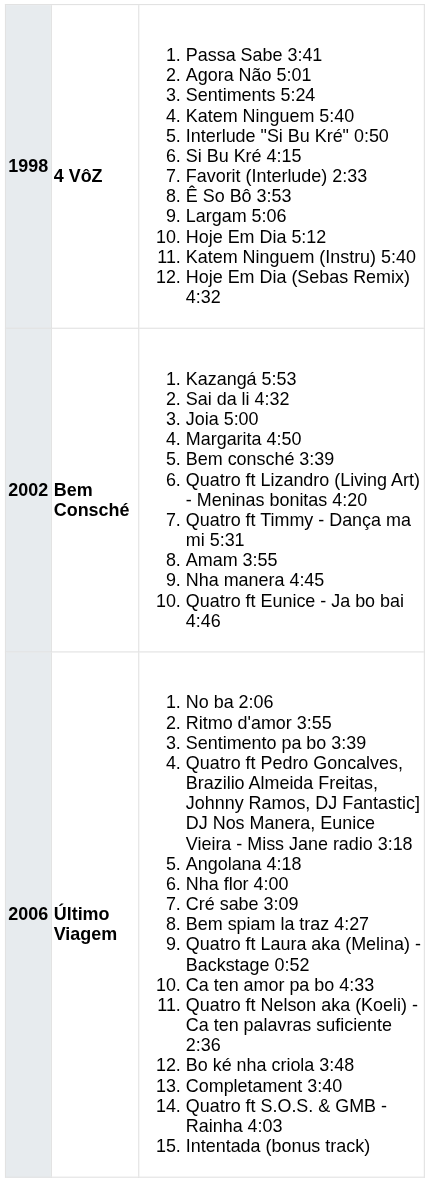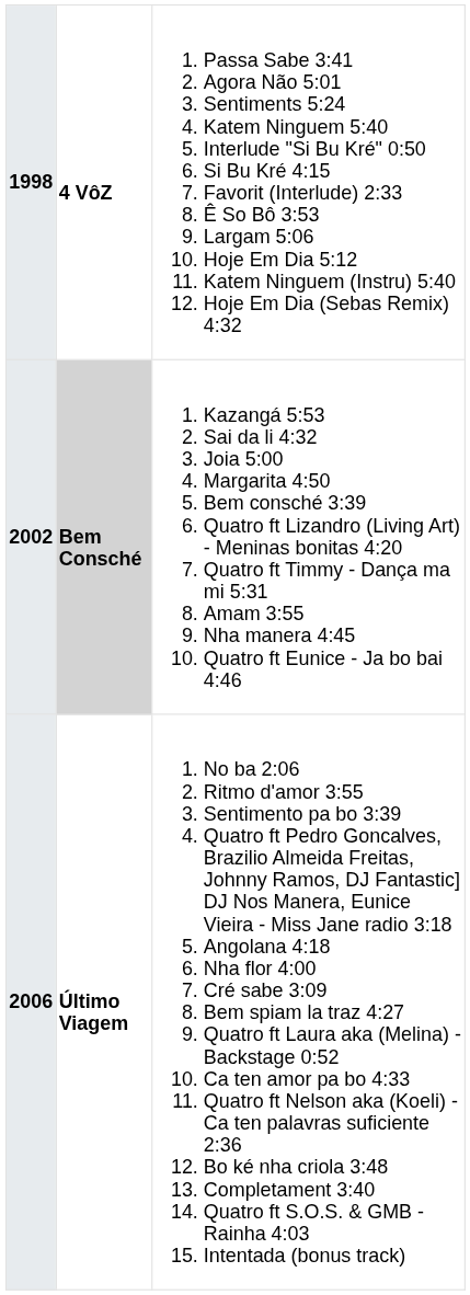 <table class="toccolours" border=1 cellpadding=2 cellspacing=0 style="float: lleft; width: 375px; margin: 0 0 1em 1em; border-collapse: collapse; border: 1px solid #E2E2E2;">
 <tr>
 <th bgcolor=#E7EBEE>1998</th>
 <td><br><strong>4 VôZ</strong></td>
 <td><br><ol><li>Passa Sabe 3:41</li><li>Agora Não 5:01</li><li>Sentiments 5:24</li><li>Katem Ninguem 5:40</li><li>Interlude "Si Bu Kré" 0:50</li><li>Si Bu Kré 4:15</li><li>Favorit (Interlude) 2:33</li><li>Ê So Bô 3:53</li><li>Largam 5:06</li><li>Hoje Em Dia 5:12</li><li>Katem Ninguem (Instru) 5:40</li><li>Hoje Em Dia (Sebas Remix) 4:32</li></ol></td>
 </tr>
 <tr>
 <th bgcolor=E7EBEE>2002</th>
-<td><br><strong>Bem Consché</strong></td>
+<td style="background: lightgrey;"><br><strong>Bem Consché</strong></td>
 <td><br><ol><li>Kazangá 5:53</li><li>Sai da li 4:32</li><li>Joia 5:00</li><li>Margarita 4:50</li><li>Bem consché 3:39</li><li>Quatro ft Lizandro (Living Art) - Meninas bonitas 4:20</li><li>Quatro ft Timmy - Dança ma mi 5:31</li><li>Amam 3:55</li><li>Nha manera 4:45</li><li>Quatro ft Eunice - Ja bo bai 4:46</li></ol></td>
 </tr>
 <tr>
 <th bgcolor=E7EBEE>2006</th>
 <td><br><strong>Último Viagem</strong></td>
 <td><br><ol><li>No ba 2:06</li><li>Ritmo d'amor 3:55</li><li>Sentimento pa bo 3:39</li><li>Quatro ft  Pedro Goncalves, Brazilio Almeida Freitas, Johnny Ramos, DJ Fantastic] DJ Nos Manera, Eunice Vieira - Miss Jane radio 3:18</li><li>Angolana 4:18</li><li>Nha flor 4:00</li><li>Cré sabe 3:09</li><li>Bem spiam la traz 4:27</li><li>Quatro ft Laura aka (Melina) - Backstage 0:52</li><li>Ca ten amor pa bo 4:33</li><li>Quatro ft Nelson aka (Koeli) - Ca ten palavras suficiente 2:36</li><li>Bo ké nha criola 3:48</li><li>Completament 3:40</li><li>Quatro ft S.O.S. & GMB - Rainha 4:03</li><li>Intentada (bonus track)</li></ol></td>
 </tr>
 </table>
